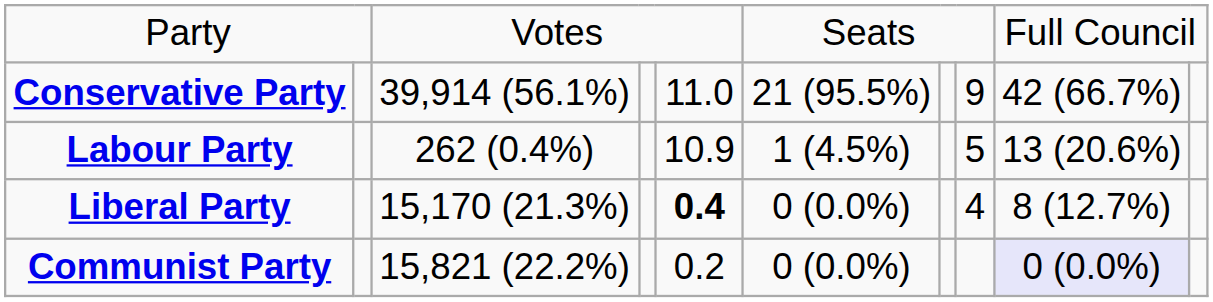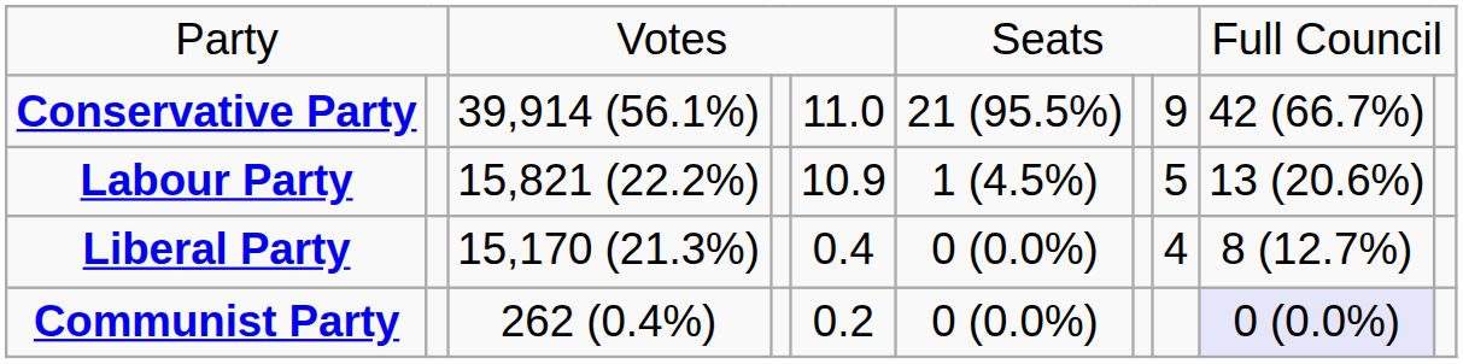 <table class=wikitable style="text-align:center;">
 <tr>
 <td colspan=2>Party</td>
 <td colspan=3>Votes</td>
 <td colspan=3>Seats</td>
 <td colspan=3>Full Council</td>
 </tr>
 <tr>
 <td><strong><a href='#'>Conservative Party</a></strong></td>
 <td style="background:"></td>
 <td>39,914 (56.1%)</td>
 <td></td>
 <td> 11.0</td>
 <td>21 (95.5%)</td>
 <td></td>
 <td> 9</td>
 <td>42 (66.7%)</td>
 <td></td>
 </tr>
 <tr>
 <td><strong><a href='#'>Labour Party</a></strong></td>
 <td style="background:"></td>
-<td>262 (0.4%)</td>
+<td>15,821 (22.2%)</td>
 <td></td>
 <td> 10.9</td>
 <td>1 (4.5%)</td>
 <td></td>
 <td> 5</td>
 <td>13 (20.6%)</td>
 <td></td>
 </tr>
 <tr>
 <td><strong><a href='#'>Liberal Party</a></strong></td>
 <td style="background:"></td>
 <td>15,170 (21.3%)</td>
 <td></td>
-<td><strong> 0.4</strong></td>
+<td> 0.4</td>
 <td>0  (0.0%)</td>
 <td></td>
 <td> 4</td>
 <td>8 (12.7%)</td>
 <td></td>
 </tr>
 <tr>
 <td><strong><a href='#'>Communist Party</a></strong></td>
 <td style="background:"></td>
-<td>15,821 (22.2%)</td>
+<td>262 (0.4%)</td>
 <td></td>
 <td> 0.2</td>
 <td>0  (0.0%)</td>
 <td></td>
 <td></td>
 <td style="background: lavender;">0 (0.0%)</td>
 <td></td>
 </tr>
 </table>
